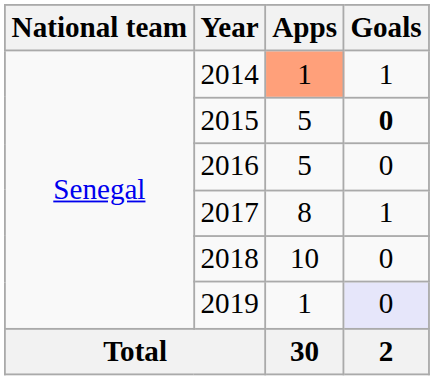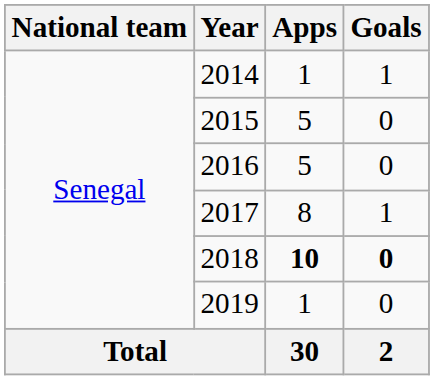 <table class="wikitable" style="text-align:center">
 <tr>
 <th>National team</th>
 <th>Year</th>
 <th>Apps</th>
 <th>Goals</th>
 </tr>
 <tr>
 <td rowspan="6"><a href='#'>Senegal</a></td>
 <td>2014</td>
-<td style="background: lightsalmon;">1</td>
+<td>1</td>
 <td>1</td>
 </tr>
 <tr>
 <td>2015</td>
 <td>5</td>
-<td><strong>0</strong></td>
+<td>0</td>
 </tr>
 <tr>
 <td>2016</td>
 <td>5</td>
 <td>0</td>
 </tr>
 <tr>
 <td>2017</td>
 <td>8</td>
 <td>1</td>
 </tr>
 <tr>
 <td>2018</td>
-<td>10</td>
-<td>0</td>
+<td><strong>10</strong></td>
+<td><strong>0</strong></td>
 </tr>
 <tr>
 <td>2019</td>
 <td>1</td>
-<td style="background: lavender;">0</td>
+<td>0</td>
 </tr>
 <tr>
 <th colspan="2">Total</th>
 <th>30</th>
 <th>2</th>
 </tr>
 </table>
